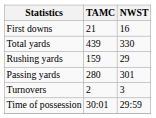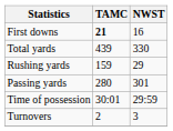 <table class="wikitable" style="float: left;">
 <tr>
 <th>Statistics</th>
 <th>TAMC</th>
 <th>NWST</th>
 </tr>
 <tr>
 <td>First downs</td>
-<td>21</td>
+<td><strong>21</strong></td>
 <td>16</td>
 </tr>
 <tr>
 <td>Total yards</td>
 <td>439</td>
 <td>330</td>
 </tr>
 <tr>
 <td>Rushing yards</td>
 <td>159</td>
 <td>29</td>
 </tr>
 <tr>
 <td>Passing yards</td>
 <td>280</td>
 <td>301</td>
 </tr>
 <tr>
+<td>Time of possession</td>
+<td>30:01</td>
+<td>29:59</td>
+</tr>
+<tr>
 <td>Turnovers</td>
 <td>2</td>
 <td>3</td>
 </tr>
 <tr>
-<td>Time of possession</td>
-<td>30:01</td>
-<td>29:59</td>
-</tr>
-<tr>
 </tr>
 </table>
